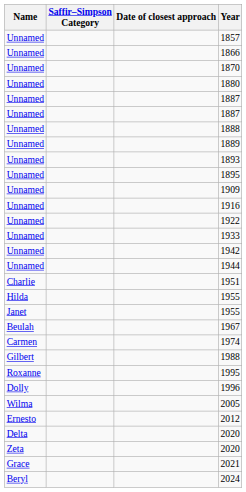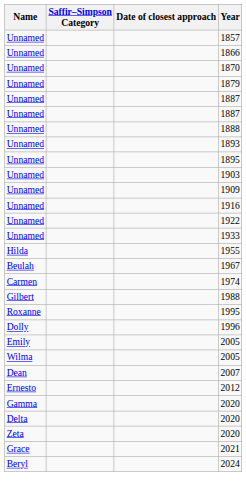 <table class = "wikitable" style="margin:1em auto;">
 <tr>
 <th>Name</th>
 <th><a href='#'>Saffir–Simpson</a><br>Category</th>
 <th>Date of closest approach</th>
 <th>Year</th>
 </tr>
 <tr>
 <td><a href='#'>Unnamed</a></td>
 <td></td>
 <td></td>
 <td>1857</td>
 </tr>
 <tr>
 <td><a href='#'>Unnamed</a></td>
 <td></td>
 <td></td>
 <td>1866</td>
 </tr>
 <tr>
 <td><a href='#'>Unnamed</a></td>
 <td></td>
 <td></td>
 <td>1870</td>
 </tr>
 <tr>
 <td><a href='#'>Unnamed</a></td>
 <td></td>
 <td></td>
-<td>1880</td>
+<td>1879</td>
 </tr>
 <tr>
 <td><a href='#'>Unnamed</a></td>
 <td></td>
 <td></td>
 <td>1887</td>
 </tr>
 <tr>
 <td><a href='#'>Unnamed</a></td>
 <td></td>
 <td></td>
 <td>1887</td>
 </tr>
 <tr>
 <td><a href='#'>Unnamed</a></td>
 <td></td>
 <td></td>
 <td>1888</td>
 </tr>
 <tr>
 <td><a href='#'>Unnamed</a></td>
 <td></td>
 <td></td>
-<td>1889</td>
-</tr>
-<tr>
-<td><a href='#'>Unnamed</a></td>
-<td></td>
-<td></td>
 <td>1893</td>
 </tr>
 <tr>
 <td><a href='#'>Unnamed</a></td>
 <td></td>
 <td></td>
 <td>1895</td>
+</tr>
+<tr>
+<td><a href='#'>Unnamed</a></td>
+<td></td>
+<td></td>
+<td>1903</td>
 </tr>
 <tr>
 <td><a href='#'>Unnamed</a></td>
 <td></td>
 <td></td>
 <td>1909</td>
 </tr>
 <tr>
 <td><a href='#'>Unnamed</a></td>
 <td></td>
 <td></td>
 <td>1916</td>
 </tr>
 <tr>
 <td><a href='#'>Unnamed</a></td>
 <td></td>
 <td></td>
 <td>1922</td>
 </tr>
 <tr>
 <td><a href='#'>Unnamed</a></td>
 <td></td>
 <td></td>
 <td>1933</td>
 </tr>
 <tr>
-<td><a href='#'>Unnamed</a></td>
-<td></td>
-<td></td>
-<td>1942</td>
-</tr>
-<tr>
-<td><a href='#'>Unnamed</a></td>
-<td></td>
-<td></td>
-<td>1944</td>
-</tr>
-<tr>
-<td><a href='#'>Charlie</a></td>
-<td></td>
-<td></td>
-<td>1951</td>
-</tr>
-<tr>
 <td><a href='#'>Hilda</a></td>
-<td></td>
-<td></td>
-<td>1955</td>
-</tr>
-<tr>
-<td><a href='#'>Janet</a></td>
 <td></td>
 <td></td>
 <td>1955</td>
 </tr>
 <tr>
 <td><a href='#'>Beulah</a></td>
 <td></td>
 <td></td>
 <td>1967</td>
 </tr>
 <tr>
 <td><a href='#'>Carmen</a></td>
 <td></td>
 <td></td>
 <td>1974</td>
 </tr>
 <tr>
 <td><a href='#'>Gilbert</a></td>
 <td></td>
 <td></td>
 <td>1988</td>
 </tr>
 <tr>
 <td><a href='#'>Roxanne</a></td>
 <td></td>
 <td></td>
 <td>1995</td>
 </tr>
 <tr>
 <td><a href='#'>Dolly</a></td>
 <td></td>
 <td></td>
 <td>1996</td>
 </tr>
 <tr>
+<td><a href='#'>Emily</a></td>
+<td></td>
+<td></td>
+<td>2005</td>
+</tr>
+<tr>
 <td><a href='#'>Wilma</a></td>
 <td></td>
 <td></td>
 <td>2005</td>
 </tr>
 <tr>
+<td><a href='#'>Dean</a></td>
+<td></td>
+<td></td>
+<td>2007</td>
+</tr>
+<tr>
 <td><a href='#'>Ernesto</a></td>
 <td></td>
 <td></td>
 <td>2012</td>
+</tr>
+<tr>
+<td><a href='#'>Gamma</a></td>
+<td></td>
+<td></td>
+<td>2020</td>
 </tr>
 <tr>
 <td><a href='#'>Delta</a></td>
 <td></td>
 <td></td>
 <td>2020</td>
 </tr>
 <tr>
 <td><a href='#'>Zeta</a></td>
 <td></td>
 <td></td>
 <td>2020</td>
 </tr>
 <tr>
 <td><a href='#'>Grace</a></td>
 <td></td>
 <td></td>
 <td>2021</td>
 </tr>
 <tr>
 <td><a href='#'>Beryl</a></td>
 <td></td>
 <td></td>
 <td>2024</td>
 </tr>
 </table>
